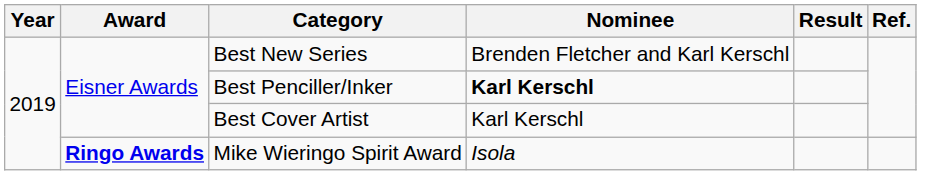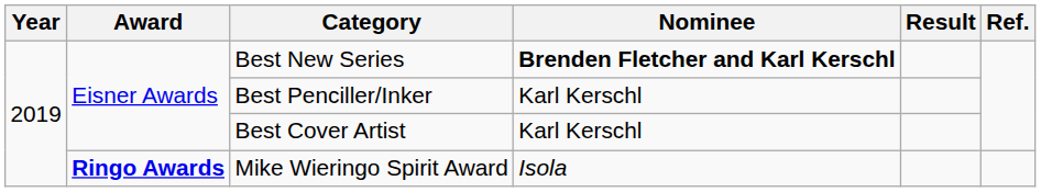 <table class="wikitable sortable">
 <tr>
 <th>Year</th>
 <th>Award</th>
 <th>Category</th>
 <th>Nominee</th>
 <th>Result</th>
 <th>Ref.</th>
 </tr>
 <tr>
 <td rowspan="4">2019</td>
 <td rowspan=3><a href='#'>Eisner Awards</a></td>
 <td>Best New Series</td>
-<td>Brenden Fletcher and Karl Kerschl</td>
+<td><strong>Brenden Fletcher and Karl Kerschl</strong></td>
 <td></td>
 <td rowspan=3></td>
 </tr>
 <tr>
 <td>Best Penciller/Inker</td>
-<td><strong>Karl Kerschl</strong></td>
+<td>Karl Kerschl</td>
 <td></td>
 </tr>
 <tr>
 <td>Best Cover Artist</td>
 <td>Karl Kerschl</td>
 <td></td>
 </tr>
 <tr>
 <td><strong><a href='#'>Ringo Awards</a></strong></td>
 <td>Mike Wieringo Spirit Award</td>
 <td><em>Isola</em></td>
 <td></td>
 <td></td>
 </tr>
 </table>
